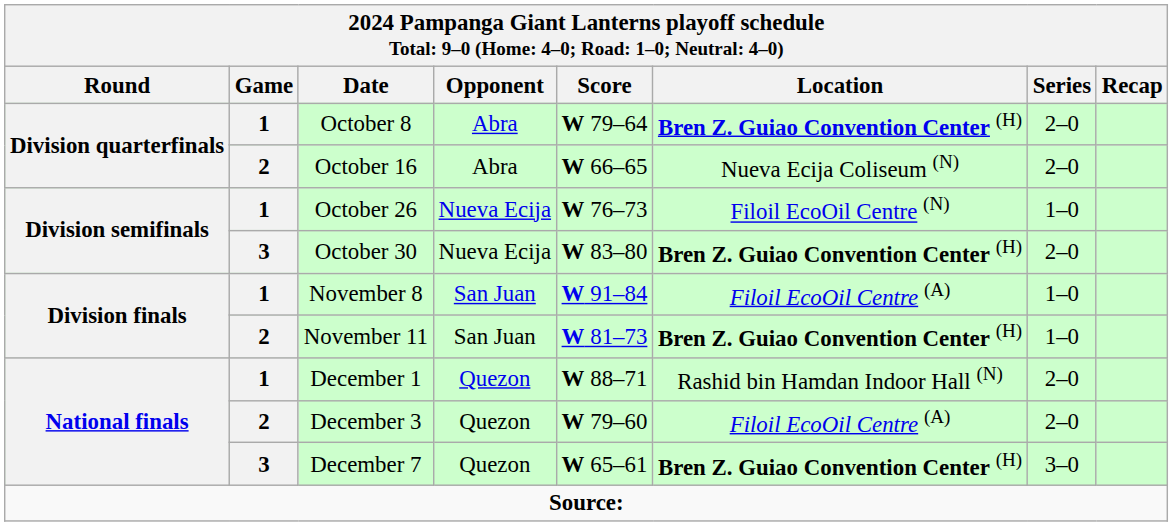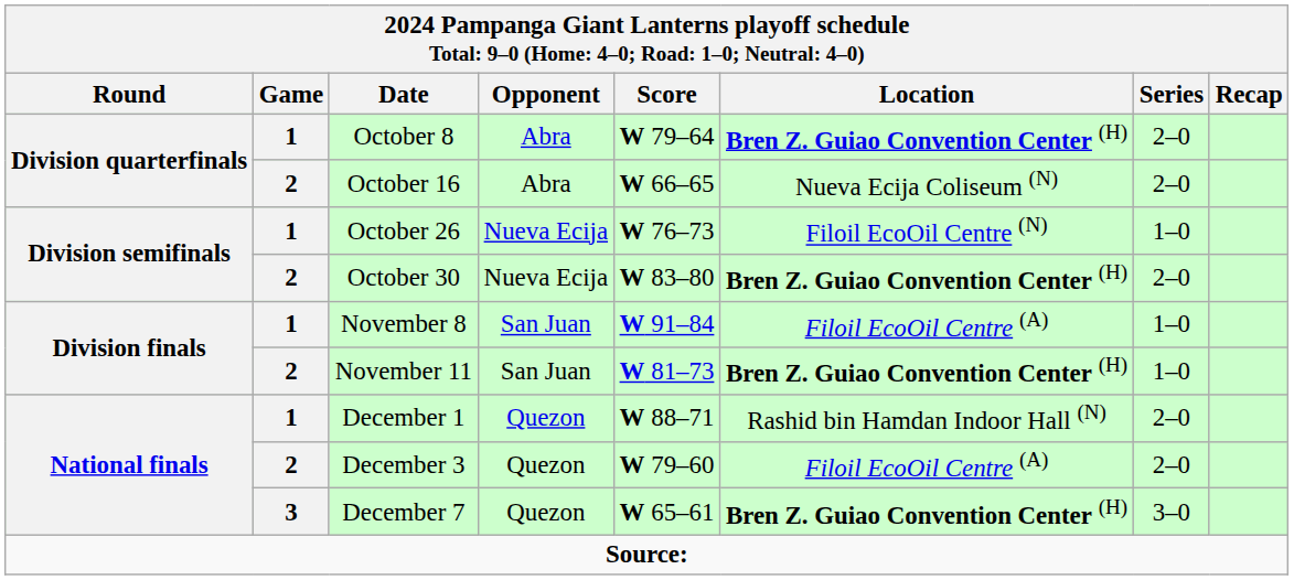 <table class="wikitable" style="text-align:center">
 <tr>
 <th colspan=8>2024 Pampanga Giant Lanterns playoff schedule <br> <small> Total: 9–0 (Home: 4–0; Road: 1–0; Neutral: 4–0) </small></th>
 </tr>
 <tr>
 <th>Round</th>
 <th>Game</th>
 <th>Date</th>
 <th>Opponent</th>
 <th>Score</th>
 <th>Location</th>
 <th>Series</th>
 <th>Recap<br></th>
 </tr>
 <tr style="background:#cfc">
 <th rowspan=2>Division quarterfinals</th>
 <th>1</th>
 <td>October 8</td>
 <td><a href='#'>Abra</a></td>
 <td><strong>W</strong> 79–64</td>
 <td><strong><a href='#'>Bren Z. Guiao Convention Center</a></strong> <sup>(H)</sup></td>
 <td>2–0</td>
 <td></td>
 </tr>
 <tr style="background:#cfc">
 <th>2</th>
 <td>October 16</td>
 <td>Abra</td>
 <td><strong>W</strong> 66–65</td>
 <td>Nueva Ecija Coliseum <sup>(N)</sup></td>
 <td>2–0</td>
 <td><br></td>
 </tr>
 <tr style="background:#cfc">
 <th rowspan=2>Division semifinals</th>
 <th>1</th>
 <td>October 26</td>
 <td><a href='#'>Nueva Ecija</a></td>
 <td><strong>W</strong> 76–73</td>
 <td><a href='#'>Filoil EcoOil Centre</a> <sup>(N)</sup></td>
 <td>1–0</td>
 <td></td>
 </tr>
 <tr style="background:#cfc">
-<th>3</th>
+<th>2</th>
 <td>October 30</td>
 <td>Nueva Ecija</td>
 <td><strong>W</strong> 83–80</td>
 <td><strong>Bren Z. Guiao Convention Center</strong> <sup>(H)</sup></td>
 <td>2–0</td>
 <td><br></td>
 </tr>
 <tr style="background:#cfc">
 <th rowspan=2>Division finals</th>
 <th>1</th>
 <td>November 8</td>
 <td><a href='#'>San Juan</a></td>
 <td><a href='#'><strong>W</strong> 91–84</a></td>
 <td><em><a href='#'>Filoil EcoOil Centre</a></em> <sup>(A)</sup></td>
 <td>1–0</td>
 <td></td>
 </tr>
 <tr style="background:#cfc">
 <th>2</th>
 <td>November 11</td>
 <td>San Juan</td>
 <td><a href='#'><strong>W</strong> 81–73</a></td>
 <td><strong>Bren Z. Guiao Convention Center</strong> <sup>(H)</sup></td>
 <td>1–0</td>
 <td><br></td>
 </tr>
 <tr style="background:#cfc">
 <th rowspan=3><a href='#'>National finals</a></th>
 <th>1</th>
 <td>December 1</td>
 <td><a href='#'>Quezon</a></td>
 <td><strong>W</strong> 88–71</td>
 <td> Rashid bin Hamdan Indoor Hall <sup>(N)</sup></td>
 <td>2–0</td>
 <td></td>
 </tr>
 <tr style="background:#cfc">
 <th>2</th>
 <td>December 3</td>
 <td>Quezon</td>
 <td><strong>W</strong> 79–60</td>
 <td><em><a href='#'>Filoil EcoOil Centre</a></em> <sup>(A)</sup></td>
 <td>2–0</td>
 <td></td>
 </tr>
 <tr style="background:#cfc">
 <th>3</th>
 <td>December 7</td>
 <td>Quezon</td>
 <td><strong>W</strong> 65–61</td>
 <td><strong>Bren Z. Guiao Convention Center</strong> <sup>(H)</sup></td>
 <td>3–0</td>
 <td></td>
 </tr>
 <tr>
 <td colspan=8 align=center><strong>Source: </strong></td>
 </tr>
 </table>
